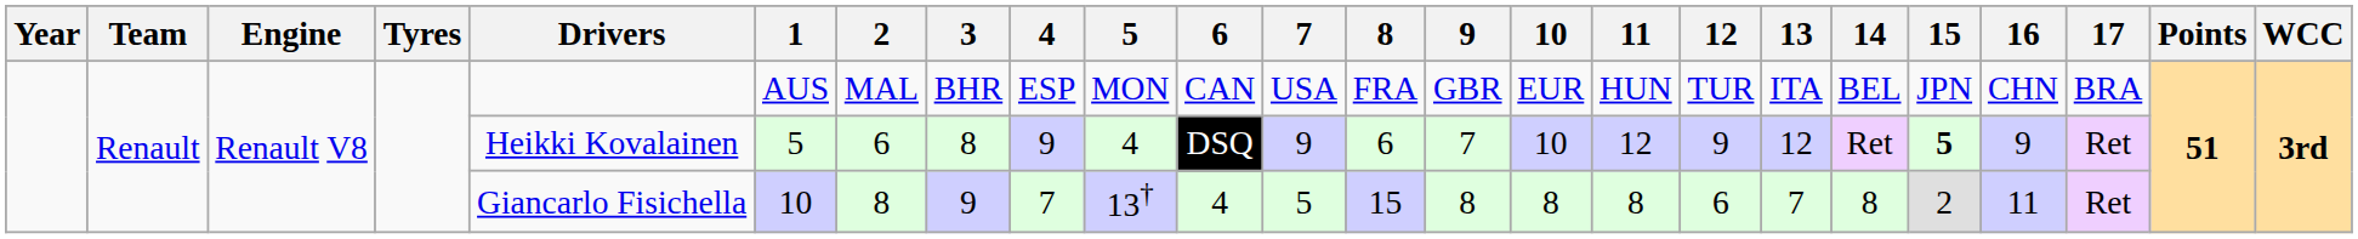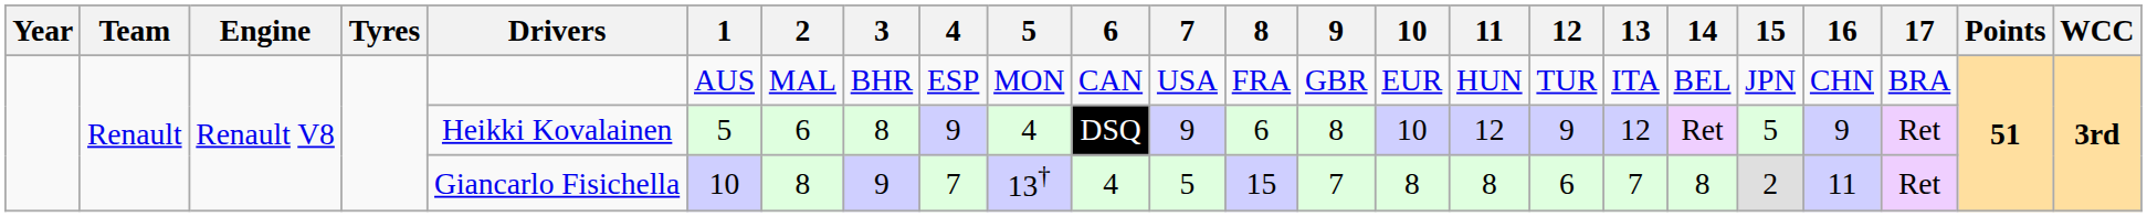 <table class="wikitable" style="text-align:center; font-size:95%">
 <tr>
 <th>Year</th>
 <th>Team</th>
 <th>Engine</th>
 <th>Tyres</th>
 <th>Drivers</th>
 <th>1</th>
 <th>2</th>
 <th>3</th>
 <th>4</th>
 <th>5</th>
 <th>6</th>
 <th>7</th>
 <th>8</th>
 <th>9</th>
 <th>10</th>
 <th>11</th>
 <th>12</th>
 <th>13</th>
 <th>14</th>
 <th>15</th>
 <th>16</th>
 <th>17</th>
 <th>Points</th>
 <th>WCC</th>
 </tr>
 <tr>
 <td rowspan="3"></td>
 <td rowspan="3"><a href='#'>Renault</a></td>
 <td rowspan="3"><a href='#'>Renault</a> <a href='#'>V8</a></td>
 <td rowspan="3"></td>
 <td></td>
 <td><a href='#'>AUS</a></td>
 <td><a href='#'>MAL</a></td>
 <td><a href='#'>BHR</a></td>
 <td><a href='#'>ESP</a></td>
 <td><a href='#'>MON</a></td>
 <td><a href='#'>CAN</a></td>
 <td><a href='#'>USA</a></td>
 <td><a href='#'>FRA</a></td>
 <td><a href='#'>GBR</a></td>
 <td><a href='#'>EUR</a></td>
 <td><a href='#'>HUN</a></td>
 <td><a href='#'>TUR</a></td>
 <td><a href='#'>ITA</a></td>
 <td><a href='#'>BEL</a></td>
 <td><a href='#'>JPN</a></td>
 <td><a href='#'>CHN</a></td>
 <td><a href='#'>BRA</a></td>
 <td rowspan="3" style="background:#FFDF9F;"><strong>51</strong></td>
 <td rowspan="3" style="background:#FFDF9F;"><strong>3rd</strong></td>
 </tr>
 <tr>
 <td> <a href='#'>Heikki Kovalainen</a></td>
 <td style="background:#DFFFDF;">5</td>
 <td style="background:#DFFFDF;">6</td>
 <td style="background:#DFFFDF;">8</td>
 <td style="background:#CFCFFF;">9</td>
 <td style="background:#DFFFDF;">4</td>
 <td style="background:#000000; color:white">DSQ</td>
 <td style="background:#CFCFFF;">9</td>
 <td style="background:#DFFFDF;">6</td>
-<td style="background:#DFFFDF;">7</td>
+<td style="background:#DFFFDF;">8</td>
 <td style="background:#CFCFFF;">10</td>
 <td style="background:#CFCFFF;">12</td>
 <td style="background:#CFCFFF;">9</td>
 <td style="background:#CFCFFF;">12</td>
 <td style="background:#EFCFFF;">Ret</td>
-<td style="background:#DFFFDF;"><strong>5</strong></td>
+<td style="background:#DFFFDF;">5</td>
 <td style="background:#CFCFFF;">9</td>
 <td style="background:#EFCFFF;">Ret</td>
 </tr>
 <tr>
 <td> <a href='#'>Giancarlo Fisichella</a></td>
 <td style="background:#CFCFFF;">10</td>
 <td style="background:#DFFFDF;">8</td>
 <td style="background:#CFCFFF;">9</td>
 <td style="background:#DFFFDF;">7</td>
 <td style="background:#CFCFFF;">13<sup>†</sup></td>
 <td style="background:#DFFFDF;">4</td>
 <td style="background:#DFFFDF;">5</td>
 <td style="background:#CFCFFF;">15</td>
-<td style="background:#DFFFDF;">8</td>
+<td style="background:#DFFFDF;">7</td>
 <td style="background:#DFFFDF;">8</td>
 <td style="background:#DFFFDF;">8</td>
 <td style="background:#DFFFDF;">6</td>
 <td style="background:#DFFFDF;">7</td>
 <td style="background:#DFFFDF;">8</td>
 <td style="background:#DFDFDF;">2</td>
 <td style="background:#CFCFFF;">11</td>
 <td style="background:#EFCFFF;">Ret</td>
 </tr>
 </table>
